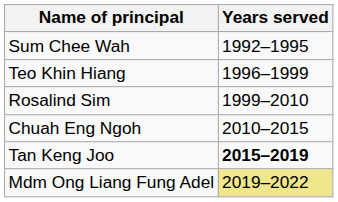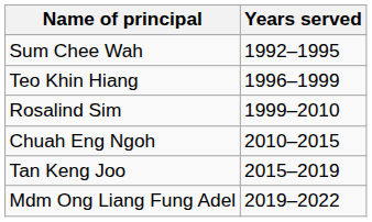 <table class="wikitable">
 <tr>
 <th>Name of principal</th>
 <th>Years served</th>
 </tr>
 <tr>
 <td>Sum Chee Wah</td>
 <td>1992–1995</td>
 </tr>
 <tr>
 <td>Teo Khin Hiang</td>
 <td>1996–1999</td>
 </tr>
 <tr>
 <td>Rosalind Sim</td>
 <td>1999–2010</td>
 </tr>
 <tr>
 <td>Chuah Eng Ngoh</td>
 <td>2010–2015</td>
 </tr>
 <tr>
 <td>Tan Keng Joo</td>
-<td><strong>2015–2019</strong></td>
+<td>2015–2019</td>
 </tr>
 <tr>
 <td>Mdm Ong Liang Fung Adel</td>
-<td style="background: khaki;">2019–2022</td>
+<td>2019–2022</td>
 </tr>
 </table>
